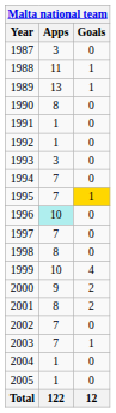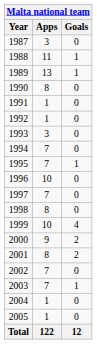 <table class="wikitable" style="text-align:center">
 <tr>
 <th colspan="3"><a href='#'>Malta national team</a></th>
 </tr>
 <tr>
 <th>Year</th>
 <th>Apps</th>
 <th>Goals</th>
 </tr>
 <tr>
 <td>1987</td>
 <td>3</td>
 <td>0</td>
 </tr>
 <tr>
 <td>1988</td>
 <td>11</td>
 <td>1</td>
 </tr>
 <tr>
 <td>1989</td>
 <td>13</td>
 <td>1</td>
 </tr>
 <tr>
 <td>1990</td>
 <td>8</td>
 <td>0</td>
 </tr>
 <tr>
 <td>1991</td>
 <td>1</td>
 <td>0</td>
 </tr>
 <tr>
 <td>1992</td>
 <td>1</td>
 <td>0</td>
 </tr>
 <tr>
 <td>1993</td>
 <td>3</td>
 <td>0</td>
 </tr>
 <tr>
 <td>1994</td>
 <td>7</td>
 <td>0</td>
 </tr>
 <tr>
 <td>1995</td>
 <td>7</td>
-<td style="background: gold;">1</td>
+<td>1</td>
 </tr>
 <tr>
 <td>1996</td>
-<td style="background: paleturquoise;">10</td>
+<td>10</td>
 <td>0</td>
 </tr>
 <tr>
 <td>1997</td>
 <td>7</td>
 <td>0</td>
 </tr>
 <tr>
 <td>1998</td>
 <td>8</td>
 <td>0</td>
 </tr>
 <tr>
 <td>1999</td>
 <td>10</td>
 <td>4</td>
 </tr>
 <tr>
 <td>2000</td>
 <td>9</td>
 <td>2</td>
 </tr>
 <tr>
 <td>2001</td>
 <td>8</td>
 <td>2</td>
 </tr>
 <tr>
 <td>2002</td>
 <td>7</td>
 <td>0</td>
 </tr>
 <tr>
 <td>2003</td>
 <td>7</td>
 <td>1</td>
 </tr>
 <tr>
 <td>2004</td>
 <td>1</td>
 <td>0</td>
 </tr>
 <tr>
 <td>2005</td>
 <td>1</td>
 <td>0</td>
 </tr>
 <tr>
 <th>Total</th>
 <th>122</th>
 <th>12</th>
 </tr>
 </table>
